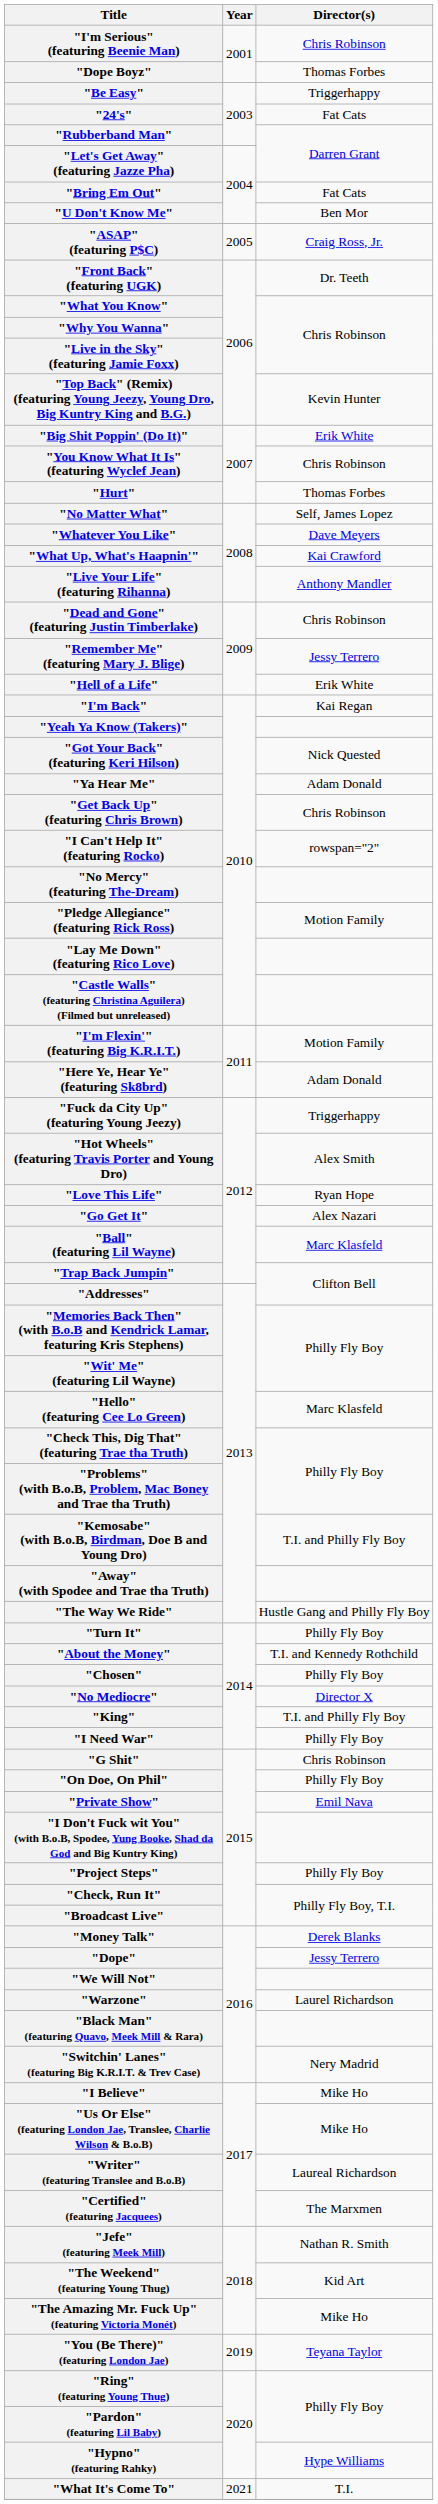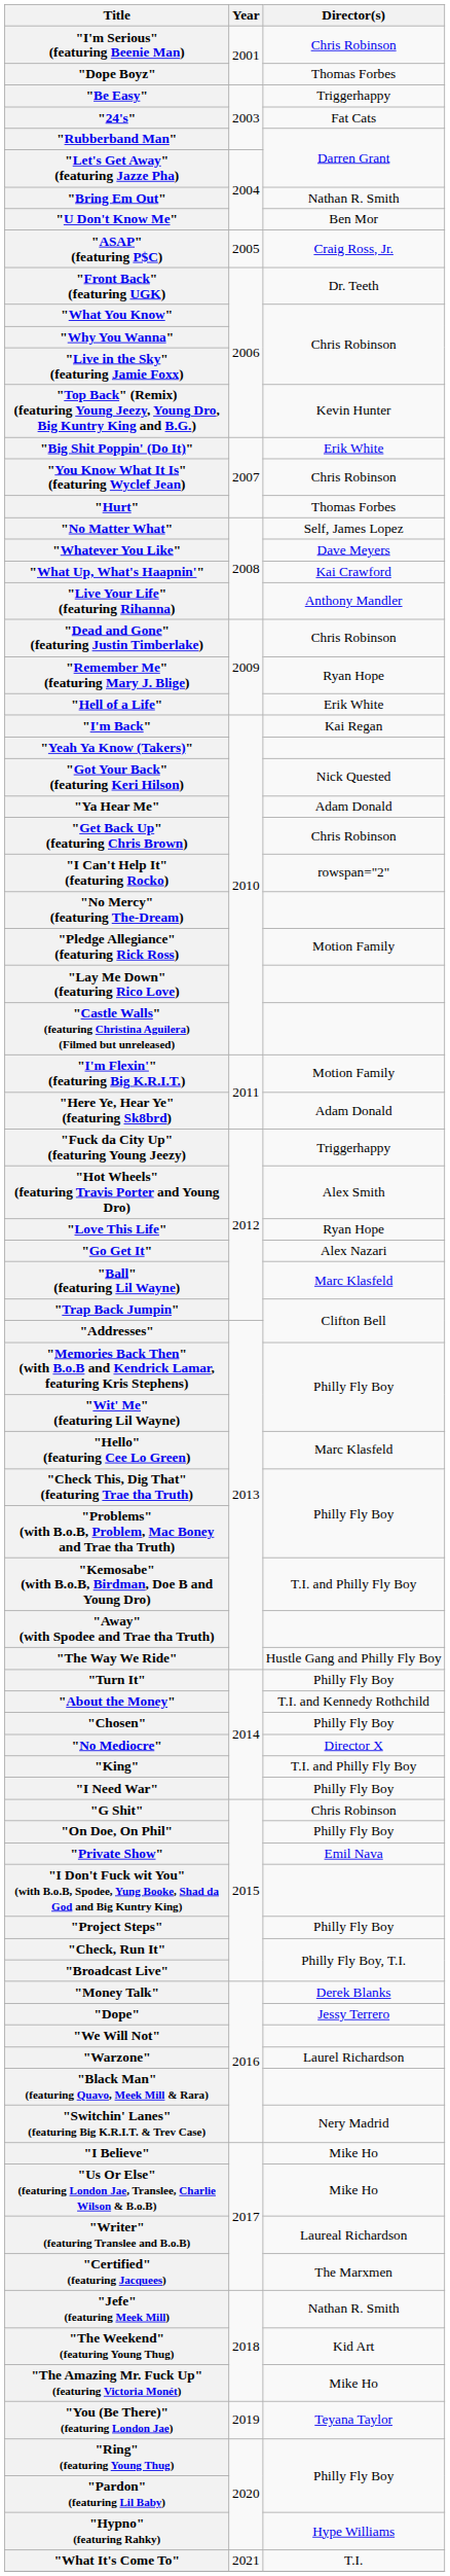 <table class="wikitable plainrowheaders" style="text-align:center;">
 <tr>
 <th style="width:16em;">Title</th>
 <th>Year</th>
 <th>Director(s)</th>
 </tr>
 <tr>
 <th scope="row">"I'm Serious"<br><span>(featuring <a href='#'>Beenie Man</a>)</span></th>
 <td rowspan="2">2001</td>
 <td><a href='#'>Chris Robinson</a></td>
 </tr>
 <tr>
 <th scope="row">"Dope Boyz"</th>
 <td>Thomas Forbes</td>
 </tr>
 <tr>
 <th scope="row">"<a href='#'>Be Easy</a>"</th>
 <td rowspan="3">2003</td>
 <td>Triggerhappy</td>
 </tr>
 <tr>
 <th scope="row">"<a href='#'>24's</a>"</th>
 <td>Fat Cats</td>
 </tr>
 <tr>
 <th scope="row">"<a href='#'>Rubberband Man</a>"</th>
 <td rowspan="2"><a href='#'>Darren Grant</a></td>
 </tr>
 <tr>
 <th scope="row">"<a href='#'>Let's Get Away</a>"<br><span>(featuring <a href='#'>Jazze Pha</a>)</span></th>
 <td rowspan="3">2004</td>
 </tr>
 <tr>
 <th scope="row">"<a href='#'>Bring Em Out</a>"</th>
-<td>Fat Cats</td>
+<td>Nathan R. Smith</td>
 </tr>
 <tr>
 <th scope="row">"<a href='#'>U Don't Know Me</a>"</th>
 <td>Ben Mor</td>
 </tr>
 <tr>
 <th scope="row">"<a href='#'>ASAP</a>"<br><span>(featuring <a href='#'>P$C</a>)</span></th>
 <td>2005</td>
 <td><a href='#'>Craig Ross, Jr.</a></td>
 </tr>
 <tr>
 <th scope="row">"<a href='#'>Front Back</a>"<br><span>(featuring <a href='#'>UGK</a>)</span></th>
 <td rowspan="5">2006</td>
 <td>Dr. Teeth</td>
 </tr>
 <tr>
 <th scope="row">"<a href='#'>What You Know</a>"</th>
 <td rowspan="3">Chris Robinson</td>
 </tr>
 <tr>
 <th scope="row">"<a href='#'>Why You Wanna</a>"</th>
 </tr>
 <tr>
 <th scope="row">"<a href='#'>Live in the Sky</a>"<br><span>(featuring <a href='#'>Jamie Foxx</a>)</span></th>
 </tr>
 <tr>
 <th scope="row">"<a href='#'>Top Back</a>" (Remix)<br><span>(featuring <a href='#'>Young Jeezy</a>, <a href='#'>Young Dro</a>, <a href='#'>Big Kuntry King</a> and <a href='#'>B.G.</a>)</span></th>
 <td>Kevin Hunter</td>
 </tr>
 <tr>
 <th scope="row">"<a href='#'>Big Shit Poppin' (Do It)</a>"</th>
 <td rowspan="3">2007</td>
 <td><a href='#'>Erik White</a></td>
 </tr>
 <tr>
 <th scope="row">"<a href='#'>You Know What It Is</a>"<br><span>(featuring <a href='#'>Wyclef Jean</a>)</span></th>
 <td>Chris Robinson</td>
 </tr>
 <tr>
 <th scope="row">"<a href='#'>Hurt</a>"</th>
 <td>Thomas Forbes</td>
 </tr>
 <tr>
 <th scope="row">"<a href='#'>No Matter What</a>"</th>
 <td rowspan="4">2008</td>
 <td>Self, James Lopez</td>
 </tr>
 <tr>
 <th scope="row">"<a href='#'>Whatever You Like</a>"</th>
 <td><a href='#'>Dave Meyers</a></td>
 </tr>
 <tr>
 <th scope="row">"<a href='#'>What Up, What's Haapnin'</a>"</th>
 <td><a href='#'>Kai Crawford</a></td>
 </tr>
 <tr>
 <th scope="row">"<a href='#'>Live Your Life</a>"<br><span>(featuring <a href='#'>Rihanna</a>)</span></th>
 <td><a href='#'>Anthony Mandler</a></td>
 </tr>
 <tr>
 <th scope="row">"<a href='#'>Dead and Gone</a>"<br><span>(featuring <a href='#'>Justin Timberlake</a>)</span></th>
 <td rowspan="3">2009</td>
 <td>Chris Robinson</td>
 </tr>
 <tr>
 <th scope="row">"<a href='#'>Remember Me</a>"<br><span>(featuring <a href='#'>Mary J. Blige</a>)</span></th>
-<td><a href='#'>Jessy Terrero</a></td>
+<td>Ryan Hope</td>
 </tr>
 <tr>
 <th scope="row">"<a href='#'>Hell of a Life</a>"</th>
 <td>Erik White</td>
 </tr>
 <tr>
 <th scope="row">"<a href='#'>I'm Back</a>"</th>
 <td rowspan="10">2010</td>
 <td>Kai Regan</td>
 </tr>
 <tr>
 <th scope="row">"<a href='#'>Yeah Ya Know (Takers)</a>"</th>
 <td></td>
 </tr>
 <tr>
 <th scope="row">"<a href='#'>Got Your Back</a>"<br><span>(featuring <a href='#'>Keri Hilson</a>)</span></th>
 <td>Nick Quested</td>
 </tr>
 <tr>
 <th scope="row">"Ya Hear Me"</th>
 <td>Adam Donald</td>
 </tr>
 <tr>
 <th scope="row">"<a href='#'>Get Back Up</a>"<br><span>(featuring <a href='#'>Chris Brown</a>)</span></th>
 <td>Chris Robinson</td>
 </tr>
 <tr>
 <th scope="row">"I Can't Help It"<br><span>(featuring <a href='#'>Rocko</a>)</span></th>
 <td>rowspan="2" </td>
 </tr>
 <tr>
 <th scope="row">"No Mercy"<br><span>(featuring <a href='#'>The-Dream</a>)</span></th>
 </tr>
 <tr>
 <th scope="row">"Pledge Allegiance"<br><span>(featuring <a href='#'>Rick Ross</a>)</span></th>
 <td>Motion Family</td>
 </tr>
 <tr>
 <th scope="row">"Lay Me Down"<br><span>(featuring <a href='#'>Rico Love</a>)</span></th>
 <td></td>
 </tr>
 <tr>
 <th scope="row">"<a href='#'>Castle Walls</a>"<br><small>(featuring <a href='#'>Christina Aguilera</a>)</small><br><small>(Filmed but unreleased)</small></th>
 <td></td>
 </tr>
 <tr>
 <th scope="row">"<a href='#'>I'm Flexin'</a>"<br><span>(featuring <a href='#'>Big K.R.I.T.</a>)</span></th>
 <td rowspan="2">2011</td>
 <td>Motion Family</td>
 </tr>
 <tr>
 <th scope="row">"Here Ye, Hear Ye"<br><span>(featuring <a href='#'>Sk8brd</a>)</span></th>
 <td>Adam Donald</td>
 </tr>
 <tr>
 <th scope="row">"Fuck da City Up"<br><span>(featuring Young Jeezy)</span></th>
 <td rowspan="6">2012</td>
 <td>Triggerhappy</td>
 </tr>
 <tr>
 <th scope="row">"Hot Wheels"<br><span>(featuring <a href='#'>Travis Porter</a> and Young Dro)</span></th>
 <td>Alex Smith</td>
 </tr>
 <tr>
 <th scope="row">"<a href='#'>Love This Life</a>"<br><span></span></th>
 <td>Ryan Hope</td>
 </tr>
 <tr>
 <th scope="row">"<a href='#'>Go Get It</a>"</th>
 <td>Alex Nazari</td>
 </tr>
 <tr>
 <th scope="row">"<a href='#'>Ball</a>"<br><span>(featuring <a href='#'>Lil Wayne</a>)</span></th>
 <td><a href='#'>Marc Klasfeld</a></td>
 </tr>
 <tr>
 <th scope="row">"<a href='#'>Trap Back Jumpin</a>"</th>
 <td rowspan="2">Clifton Bell</td>
 </tr>
 <tr>
 <th scope="row">"Addresses"</th>
 <td rowspan="9">2013</td>
 </tr>
 <tr>
 <th scope="row">"<a href='#'>Memories Back Then</a>"<br><span>(with <a href='#'>B.o.B</a> and <a href='#'>Kendrick Lamar</a>, featuring Kris Stephens)</span></th>
 <td rowspan="2">Philly Fly Boy</td>
 </tr>
 <tr>
 <th scope="row">"<a href='#'>Wit' Me</a>"<br><span>(featuring Lil Wayne)</span></th>
 </tr>
 <tr>
 <th scope="row">"Hello"<br><span>(featuring <a href='#'>Cee Lo Green</a>)</span></th>
 <td>Marc Klasfeld</td>
 </tr>
 <tr>
 <th scope="row">"Check This, Dig That"<br><span>(featuring <a href='#'>Trae tha Truth</a>)</span></th>
 <td rowspan="2">Philly Fly Boy</td>
 </tr>
 <tr>
 <th scope="row">"Problems"<br><span>(with B.o.B, <a href='#'>Problem</a>, <a href='#'>Mac Boney</a> and Trae tha Truth)</span></th>
 </tr>
 <tr>
 <th scope="row">"Kemosabe"<br><span>(with B.o.B, <a href='#'>Birdman</a>, Doe B and Young Dro)</span></th>
 <td>T.I. and Philly Fly Boy</td>
 </tr>
 <tr>
 <th scope="row">"Away"<br><span>(with Spodee and Trae tha Truth)</span></th>
 <td></td>
 </tr>
 <tr>
 <th scope="row">"The Way We Ride"</th>
 <td>Hustle Gang and Philly Fly Boy</td>
 </tr>
 <tr>
 <th scope="row">"Turn It"</th>
 <td rowspan="6">2014</td>
 <td>Philly Fly Boy</td>
 </tr>
 <tr>
 <th scope="row">"<a href='#'>About the Money</a>"<br></th>
 <td>T.I. and Kennedy Rothchild</td>
 </tr>
 <tr>
 <th scope="row">"Chosen"<br></th>
 <td>Philly Fly Boy</td>
 </tr>
 <tr>
 <th scope="row">"<a href='#'>No Mediocre</a>"<br></th>
 <td><a href='#'>Director X</a></td>
 </tr>
 <tr>
 <th scope="row">"King"</th>
 <td>T.I. and Philly Fly Boy</td>
 </tr>
 <tr>
 <th scope="row">"I Need War"<br></th>
 <td>Philly Fly Boy</td>
 </tr>
 <tr>
 <th scope="row">"G Shit"<br></th>
 <td rowspan="7">2015</td>
 <td>Chris Robinson</td>
 </tr>
 <tr>
 <th scope="row">"On Doe, On Phil"<br></th>
 <td>Philly Fly Boy</td>
 </tr>
 <tr>
 <th scope="row">"<a href='#'>Private Show</a>"<br></th>
 <td><a href='#'>Emil Nava</a></td>
 </tr>
 <tr>
 <th scope="row">"I Don't Fuck wit You"<br><small>(with B.o.B, Spodee, <a href='#'>Yung Booke</a>, <a href='#'>Shad da God</a> and Big Kuntry King)</small></th>
 <td></td>
 </tr>
 <tr>
 <th scope="row">"Project Steps"</th>
 <td>Philly Fly Boy</td>
 </tr>
 <tr>
 <th scope="row">"Check, Run It"</th>
 <td rowspan="2">Philly Fly Boy, T.I.</td>
 </tr>
 <tr>
 <th scope="row">"Broadcast Live"</th>
 </tr>
 <tr>
 <th scope="row">"Money Talk"</th>
 <td rowspan="6">2016</td>
 <td><a href='#'>Derek Blanks</a></td>
 </tr>
 <tr>
 <th scope="row">"Dope"</th>
 <td><a href='#'>Jessy Terrero</a></td>
 </tr>
 <tr>
 <th scope="row">"We Will Not"</th>
 <td></td>
 </tr>
 <tr>
 <th scope="row">"Warzone"</th>
 <td>Laurel Richardson</td>
 </tr>
 <tr>
 <th scope="row">"Black Man"<br><small>(featuring <a href='#'>Quavo</a>, <a href='#'>Meek Mill</a> & Rara)</small></th>
 <td></td>
 </tr>
 <tr>
 <th scope="row">"Switchin' Lanes"<br><small>(featuring Big K.R.I.T. & Trev Case)</small></th>
 <td>Nery Madrid</td>
 </tr>
 <tr>
 <th scope="row">"I Believe"</th>
 <td rowspan="4">2017</td>
 <td>Mike Ho</td>
 </tr>
 <tr>
 <th scope="row">"Us Or Else"<br><small>(featuring <a href='#'>London Jae</a>, Translee, <a href='#'>Charlie Wilson</a> & B.o.B)</small></th>
 <td>Mike Ho</td>
 </tr>
 <tr>
 <th scope="row">"Writer" <br><small>(featuring Translee and B.o.B)</small></th>
 <td>Laureal Richardson</td>
 </tr>
 <tr>
 <th scope="row">"Certified" <br><small>(featuring <a href='#'>Jacquees</a>)</small></th>
 <td>The Marxmen</td>
 </tr>
 <tr>
 <th scope="row">"Jefe"<br><small>(featuring <a href='#'>Meek Mill</a>)</small></th>
 <td rowspan="3">2018</td>
 <td>Nathan R. Smith</td>
 </tr>
 <tr>
 <th scope="row">"The Weekend" <br><small>(featuring Young Thug)</small></th>
 <td>Kid Art</td>
 </tr>
 <tr>
 <th scope="row">"The Amazing Mr. Fuck Up" <br><small>(featuring <a href='#'>Victoria Monét</a>)</small></th>
 <td>Mike Ho</td>
 </tr>
 <tr>
 <th scope="row">"You (Be There)"<br><small>(featuring <a href='#'>London Jae</a>)</small></th>
 <td>2019</td>
 <td><a href='#'>Teyana Taylor</a></td>
 </tr>
 <tr>
 <th scope="row">"Ring"<br><small>(featuring <a href='#'>Young Thug</a>)</small></th>
 <td rowspan="3">2020</td>
 <td rowspan="2">Philly Fly Boy</td>
 </tr>
 <tr>
 <th scope="row">"Pardon"<br><small>(featuring <a href='#'>Lil Baby</a>)</small></th>
 </tr>
 <tr>
 <th scope="row">"Hypno"<br><small>(featuring Rahky)</small></th>
 <td><a href='#'>Hype Williams</a></td>
 </tr>
 <tr>
 <th scope="row">"What It's Come To"</th>
 <td rowspan="1">2021</td>
 <td rowspan="1">T.I.</td>
 </tr>
 <tr>
 </tr>
 </table>
